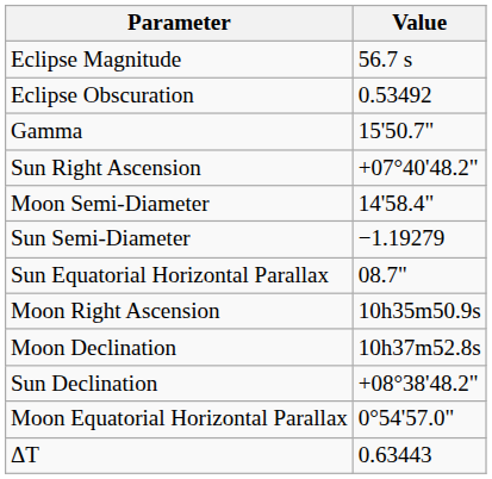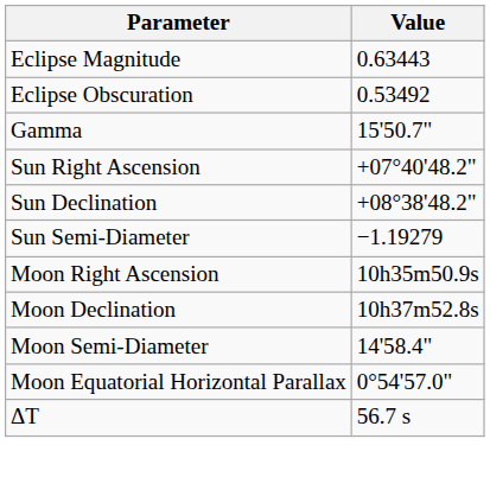 <table class="wikitable">
 <tr>
 <th>Parameter</th>
 <th>Value</th>
 </tr>
 <tr>
 <td>Eclipse Magnitude</td>
-<td>56.7 s</td>
+<td>0.63443</td>
 </tr>
 <tr>
 <td>Eclipse Obscuration</td>
 <td>0.53492</td>
 </tr>
 <tr>
 <td>Gamma</td>
 <td>15'50.7"</td>
 </tr>
 <tr>
 <td>Sun Right Ascension</td>
 <td>+07°40'48.2"</td>
 </tr>
 <tr>
-<td>Moon Semi-Diameter</td>
-<td>14'58.4"</td>
+<td>Sun Declination</td>
+<td>+08°38'48.2"</td>
 </tr>
 <tr>
 <td>Sun Semi-Diameter</td>
 <td>−1.19279</td>
-</tr>
-<tr>
-<td>Sun Equatorial Horizontal Parallax</td>
-<td>08.7"</td>
 </tr>
 <tr>
 <td>Moon Right Ascension</td>
 <td>10h35m50.9s</td>
 </tr>
 <tr>
 <td>Moon Declination</td>
 <td>10h37m52.8s</td>
 </tr>
 <tr>
-<td>Sun Declination</td>
-<td>+08°38'48.2"</td>
+<td>Moon Semi-Diameter</td>
+<td>14'58.4"</td>
 </tr>
 <tr>
 <td>Moon Equatorial Horizontal Parallax</td>
 <td>0°54'57.0"</td>
 </tr>
 <tr>
 <td>ΔT</td>
-<td>0.63443</td>
+<td>56.7 s</td>
 </tr>
 </table>
